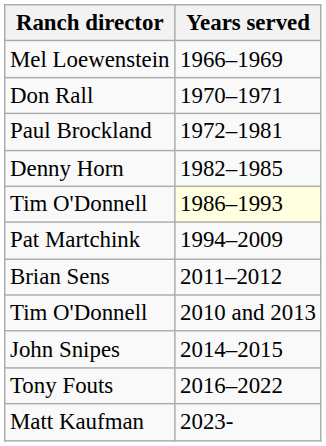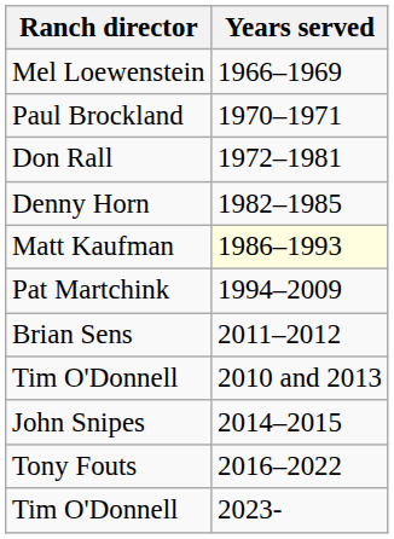 <table class="wikitable">
 <tr>
 <th>Ranch director</th>
 <th>Years served</th>
 </tr>
 <tr>
 <td>Mel Loewenstein</td>
 <td>1966–1969</td>
 </tr>
 <tr>
-<td>Don Rall</td>
+<td>Paul Brockland</td>
 <td>1970–1971</td>
 </tr>
 <tr>
-<td>Paul Brockland</td>
+<td>Don Rall</td>
 <td>1972–1981</td>
 </tr>
 <tr>
 <td>Denny Horn</td>
 <td>1982–1985</td>
 </tr>
 <tr>
-<td>Tim O'Donnell</td>
+<td>Matt Kaufman</td>
 <td style="background: lightyellow;">1986–1993</td>
 </tr>
 <tr>
 <td>Pat Martchink</td>
 <td>1994–2009</td>
 </tr>
 <tr>
 <td>Brian Sens</td>
 <td>2011–2012</td>
 </tr>
 <tr>
 <td>Tim O'Donnell</td>
 <td>2010 and 2013</td>
 </tr>
 <tr>
 <td>John Snipes</td>
 <td>2014–2015</td>
 </tr>
 <tr>
 <td>Tony Fouts</td>
 <td>2016–2022</td>
 </tr>
 <tr>
-<td>Matt Kaufman</td>
+<td>Tim O'Donnell</td>
 <td>2023-</td>
 </tr>
 </table>
